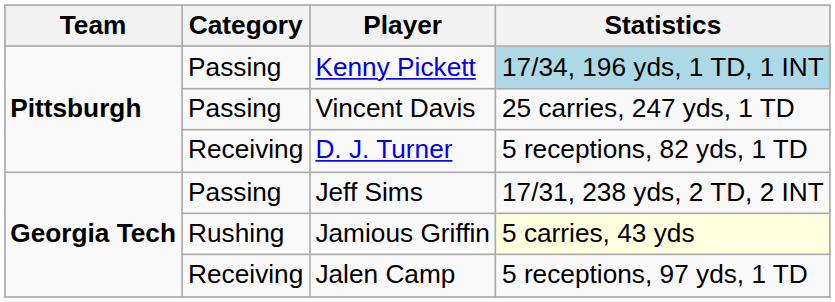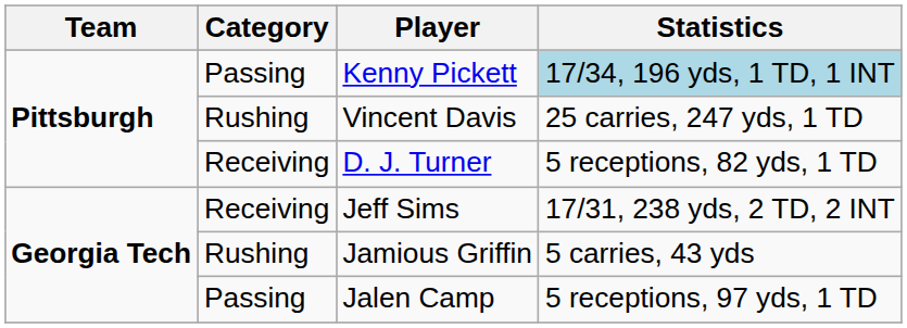 <table class="wikitable" style="float: right;">
 <tr>
 <th>Team</th>
 <th>Category</th>
 <th>Player</th>
 <th>Statistics</th>
 </tr>
 <tr>
 <td rowspan=3><strong>Pittsburgh</strong></td>
 <td>Passing</td>
 <td><a href='#'>Kenny Pickett</a></td>
 <td style="background: lightblue;">17/34, 196 yds, 1 TD, 1 INT</td>
 </tr>
 <tr>
-<td>Passing</td>
+<td>Rushing</td>
 <td>Vincent Davis</td>
 <td>25 carries, 247 yds, 1 TD</td>
 </tr>
 <tr>
 <td>Receiving</td>
 <td><a href='#'>D. J. Turner</a></td>
 <td>5 receptions, 82 yds, 1 TD</td>
 </tr>
 <tr>
 <td rowspan=3><strong>Georgia Tech</strong></td>
-<td>Passing</td>
+<td>Receiving</td>
 <td>Jeff Sims</td>
 <td>17/31, 238 yds, 2 TD, 2 INT</td>
 </tr>
 <tr>
 <td>Rushing</td>
 <td>Jamious Griffin</td>
-<td style="background: lightyellow;">5 carries, 43 yds</td>
+<td>5 carries, 43 yds</td>
 </tr>
 <tr>
-<td>Receiving</td>
+<td>Passing</td>
 <td>Jalen Camp</td>
 <td>5 receptions, 97 yds, 1 TD</td>
 </tr>
 </table>
